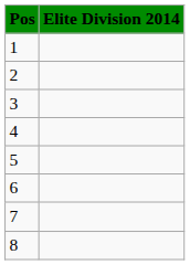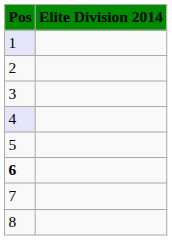 <table class="wikitable" style="margin:0.5em auto; font-size:95%">
 <tr style="background:#008b00;">
 <td><strong>Pos</strong></td>
 <td><strong>Elite Division 2014</strong></td>
 </tr>
 <tr>
-<td>1</td>
+<td style="background: lavender;">1</td>
 <td></td>
 </tr>
 <tr>
 <td>2</td>
 <td></td>
 </tr>
 <tr>
 <td>3</td>
 <td></td>
 </tr>
 <tr>
-<td>4</td>
+<td style="background: lavender;">4</td>
 <td></td>
 </tr>
 <tr>
 <td>5</td>
 <td></td>
 </tr>
 <tr>
-<td>6</td>
+<td><strong>6</strong></td>
 <td></td>
 </tr>
 <tr>
 <td>7</td>
 <td></td>
 </tr>
 <tr>
 <td>8</td>
 <td></td>
 </tr>
 </table>
